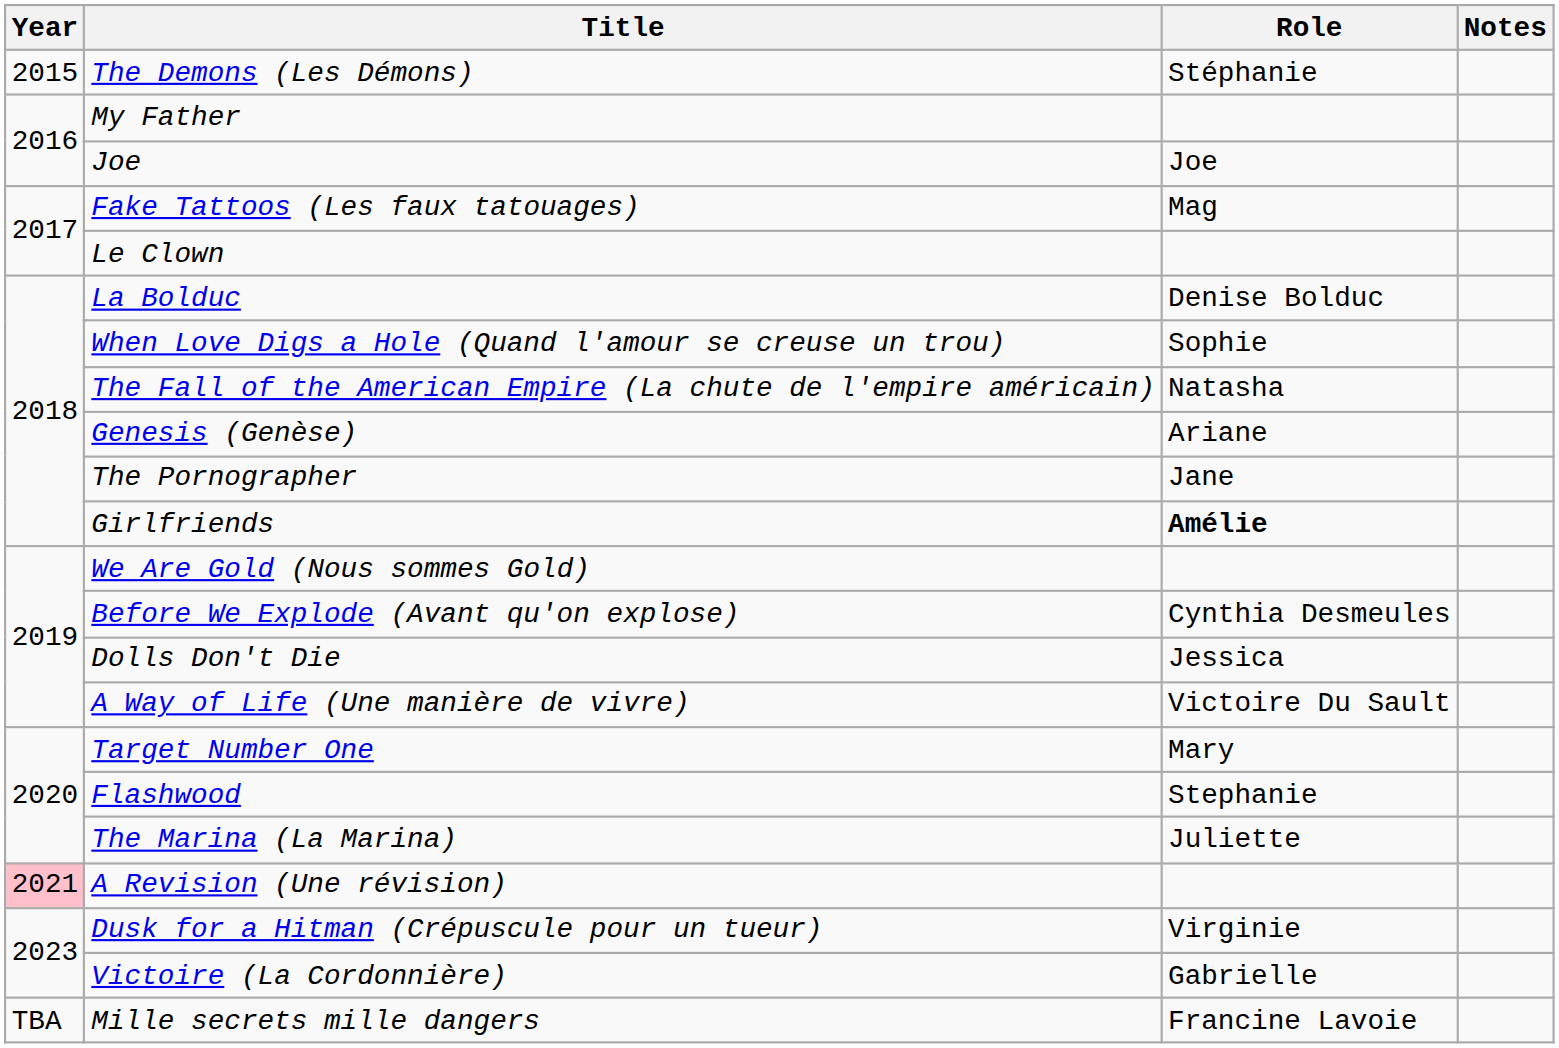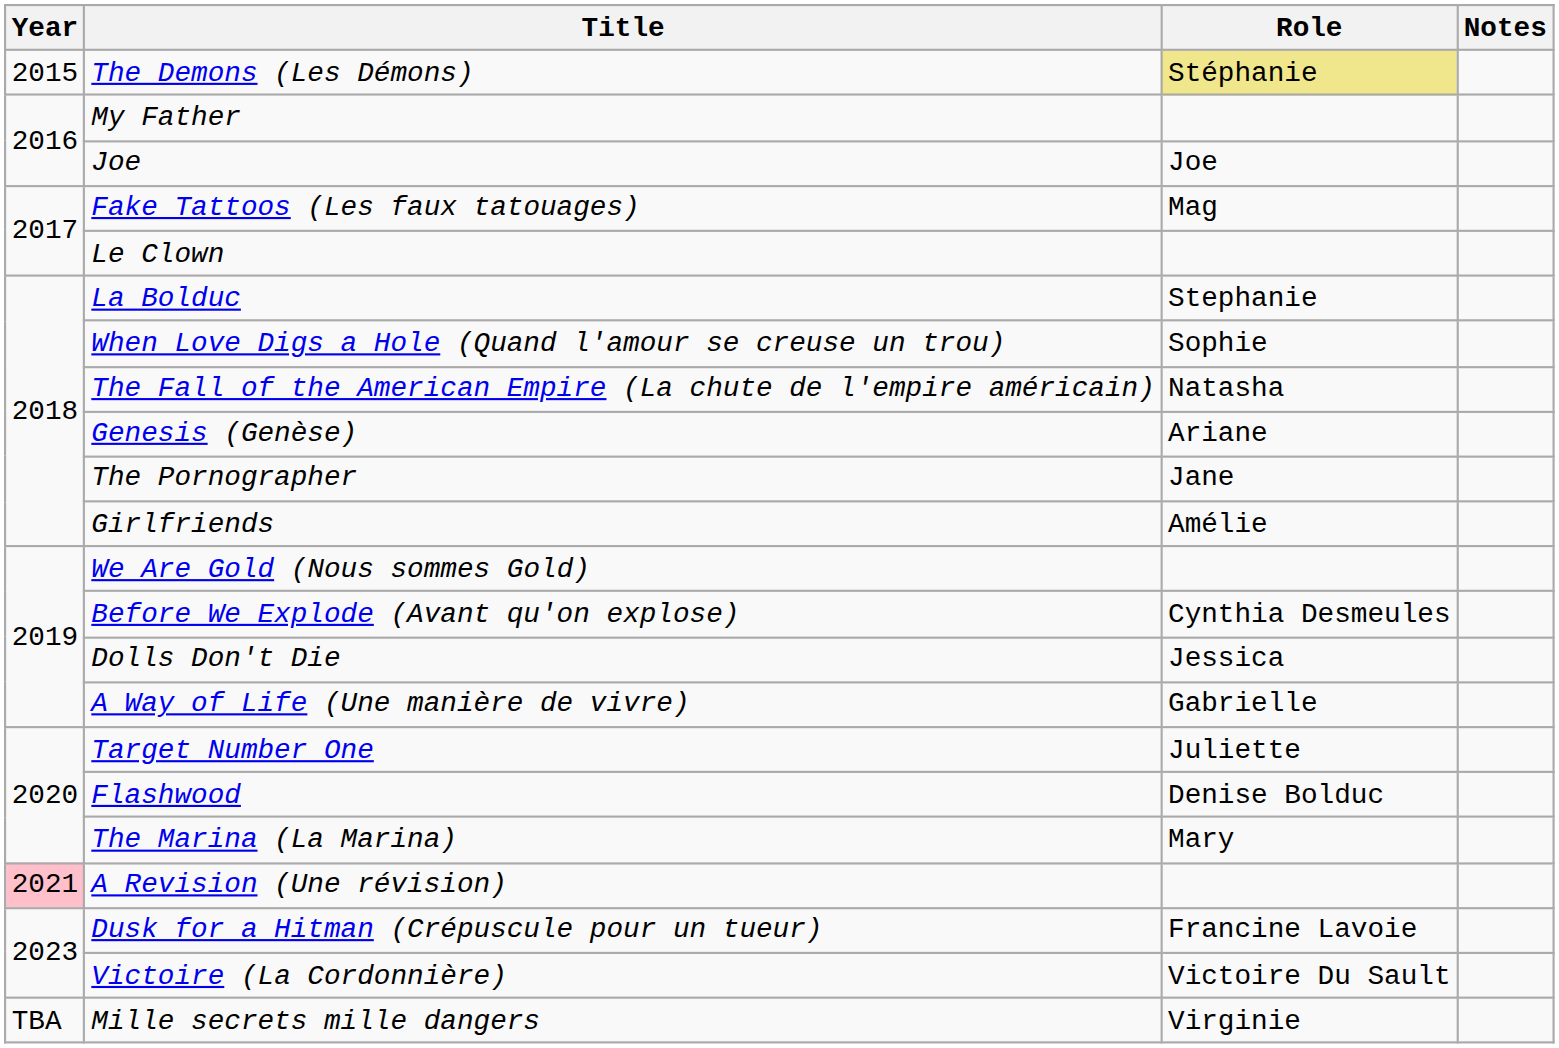 <table class="wikitable">
 <tr>
 <th>Year</th>
 <th>Title</th>
 <th>Role</th>
 <th>Notes</th>
 </tr>
 <tr>
 <td>2015</td>
 <td><em><a href='#'>The Demons</a> (Les Démons)</em></td>
-<td>Stéphanie</td>
+<td style="background: khaki;">Stéphanie</td>
 <td></td>
 </tr>
 <tr>
 <td rowspan=2>2016</td>
 <td><em>My Father</em></td>
 <td></td>
 <td></td>
 </tr>
 <tr>
 <td><em>Joe</em></td>
 <td>Joe</td>
 <td></td>
 </tr>
 <tr>
 <td rowspan=2>2017</td>
 <td><em><a href='#'>Fake Tattoos</a> (Les faux tatouages)</em></td>
 <td>Mag</td>
 <td></td>
 </tr>
 <tr>
 <td><em>Le Clown</em></td>
 <td></td>
 <td></td>
 </tr>
 <tr>
 <td rowspan=6>2018</td>
 <td><em><a href='#'>La Bolduc</a></em></td>
-<td>Denise Bolduc</td>
+<td>Stephanie</td>
 <td></td>
 </tr>
 <tr>
 <td><em><a href='#'>When Love Digs a Hole</a> (Quand l'amour se creuse un trou)</em></td>
 <td>Sophie</td>
 <td></td>
 </tr>
 <tr>
 <td><em><a href='#'>The Fall of the American Empire</a> (La chute de l'empire américain)</em></td>
 <td>Natasha</td>
 <td></td>
 </tr>
 <tr>
 <td><em><a href='#'>Genesis</a> (Genèse)</em></td>
 <td>Ariane</td>
 <td></td>
 </tr>
 <tr>
 <td><em>The Pornographer</em></td>
 <td>Jane</td>
 <td></td>
 </tr>
 <tr>
 <td><em>Girlfriends</em></td>
-<td><strong>Amélie</strong></td>
+<td>Amélie</td>
 <td></td>
 </tr>
 <tr>
 <td rowspan=4>2019</td>
 <td><em><a href='#'>We Are Gold</a> (Nous sommes Gold)</em></td>
 <td></td>
 <td></td>
 </tr>
 <tr>
 <td><em><a href='#'>Before We Explode</a> (Avant qu'on explose)</em></td>
 <td>Cynthia Desmeules</td>
 <td></td>
 </tr>
 <tr>
 <td><em>Dolls Don't Die</em></td>
 <td>Jessica</td>
 <td></td>
 </tr>
 <tr>
 <td><em><a href='#'>A Way of Life</a> (Une manière de vivre)</em></td>
-<td>Victoire Du Sault</td>
+<td>Gabrielle</td>
 <td></td>
 </tr>
 <tr>
 <td rowspan=3>2020</td>
 <td><em><a href='#'>Target Number One</a></em></td>
-<td>Mary</td>
+<td>Juliette</td>
 <td></td>
 </tr>
 <tr>
 <td><em><a href='#'>Flashwood</a></em></td>
-<td>Stephanie</td>
+<td>Denise Bolduc</td>
 <td></td>
 </tr>
 <tr>
 <td><em><a href='#'>The Marina</a> (La Marina)</em></td>
-<td>Juliette</td>
+<td>Mary</td>
 <td></td>
 </tr>
 <tr>
 <td style="background: pink;">2021</td>
 <td><em><a href='#'>A Revision</a> (Une révision)</em></td>
 <td></td>
 <td></td>
 </tr>
 <tr>
 <td rowspan=2>2023</td>
 <td><em><a href='#'>Dusk for a Hitman</a> (Crépuscule pour un tueur)</em></td>
-<td>Virginie</td>
+<td>Francine Lavoie</td>
 <td></td>
 </tr>
 <tr>
 <td><em><a href='#'>Victoire</a> (La Cordonnière)</em></td>
-<td>Gabrielle</td>
+<td>Victoire Du Sault</td>
 <td></td>
 </tr>
 <tr>
 <td>TBA</td>
 <td><em>Mille secrets mille dangers</em></td>
-<td>Francine Lavoie</td>
+<td>Virginie</td>
 <td></td>
 </tr>
 </table>
